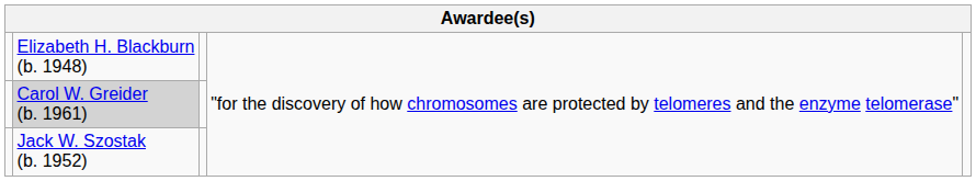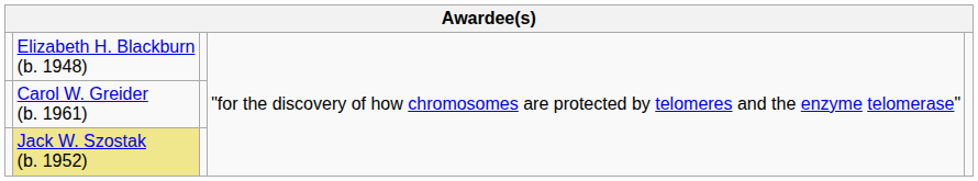 <table class="wikitable">
 <tr>
 <th colspan="5">Awardee(s)</th>
 </tr>
 <tr>
 <td></td>
 <td><a href='#'>Elizabeth H. Blackburn</a><br>(b. 1948)</td>
 <td><br></td>
 <td rowspan="3">"for the discovery of how <a href='#'>chromosomes</a> are protected by <a href='#'>telomeres</a> and the <a href='#'>enzyme</a> <a href='#'>telomerase</a>"</td>
 <td rowspan="3"></td>
 </tr>
 <tr>
 <td></td>
-<td style="background: lightgrey;"><a href='#'>Carol W. Greider</a><br>(b. 1961)</td>
+<td><a href='#'>Carol W. Greider</a><br>(b. 1961)</td>
 <td></td>
 </tr>
 <tr>
 <td></td>
-<td><a href='#'>Jack W. Szostak</a><br>(b. 1952)</td>
+<td style="background: khaki;"><a href='#'>Jack W. Szostak</a><br>(b. 1952)</td>
 <td><br></td>
 </tr>
 </table>
